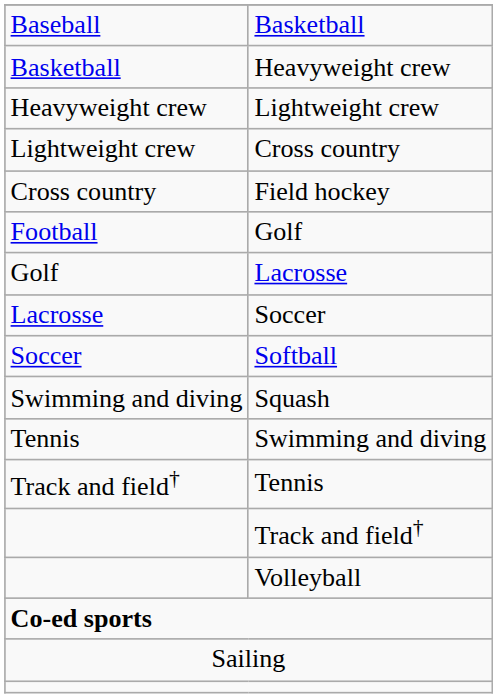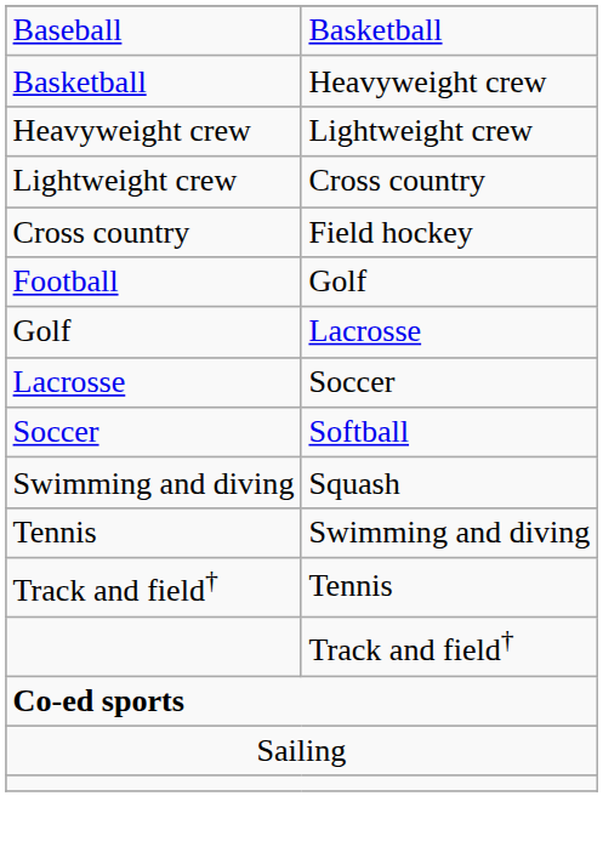 <table class="wikitable" style="float:right; clear:right; margin:0 0 1em 1em;">
 <tr>
 </tr>
 <tr>
 <td><a href='#'>Baseball</a></td>
 <td><a href='#'>Basketball</a></td>
 </tr>
 <tr>
 <td><a href='#'>Basketball</a></td>
 <td>Heavyweight crew</td>
 </tr>
 <tr>
 <td>Heavyweight crew</td>
 <td>Lightweight crew</td>
 </tr>
 <tr>
 <td>Lightweight crew</td>
 <td>Cross country</td>
 </tr>
 <tr>
 <td>Cross country</td>
 <td>Field hockey</td>
 </tr>
 <tr>
 <td><a href='#'>Football</a></td>
 <td>Golf</td>
 </tr>
 <tr>
 <td>Golf</td>
 <td><a href='#'>Lacrosse</a></td>
 </tr>
 <tr>
 <td><a href='#'>Lacrosse</a></td>
 <td>Soccer</td>
 </tr>
 <tr>
 <td><a href='#'>Soccer</a></td>
 <td><a href='#'>Softball</a></td>
 </tr>
 <tr>
 <td>Swimming and diving</td>
 <td>Squash</td>
 </tr>
 <tr>
 <td>Tennis</td>
 <td>Swimming and diving</td>
 </tr>
 <tr>
 <td>Track and field<sup>†</sup></td>
 <td>Tennis</td>
 </tr>
 <tr>
 <td></td>
 <td>Track and field<sup>†</sup></td>
 </tr>
 <tr>
-<td></td>
-<td>Volleyball</td>
-</tr>
-<tr>
 <td colspan="2"><strong>Co-ed sports</strong></td>
 </tr>
 <tr style="text-align:center">
 <td colspan="2">Sailing</td>
 </tr>
 <tr>
 <td colspan="2"></td>
 </tr>
 </table>
